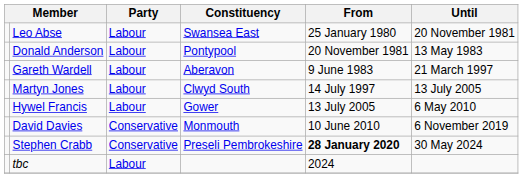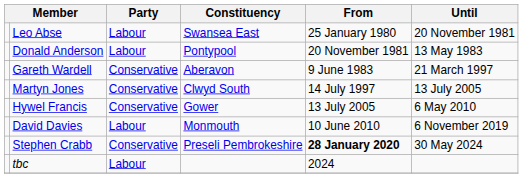 <table class="wikitable">
 <tr>
 <th colspan="2" valign="top">Member</th>
 <th>Party</th>
 <th>Constituency</th>
 <th valign="top">From</th>
 <th valign="top">Until</th>
 </tr>
 <tr>
 <td style="color:inherit;background:"></td>
 <td><a href='#'>Leo Abse</a></td>
 <td><a href='#'>Labour</a></td>
 <td><a href='#'>Swansea East</a></td>
 <td>25 January 1980</td>
 <td>20 November 1981</td>
 </tr>
 <tr>
 <td style="color:inherit;background:"></td>
 <td><a href='#'>Donald Anderson</a></td>
 <td><a href='#'>Labour</a></td>
 <td><a href='#'>Pontypool</a></td>
 <td>20 November 1981</td>
 <td>13 May 1983</td>
 </tr>
 <tr>
 <td style="color:inherit;background:"></td>
 <td><a href='#'>Gareth Wardell</a></td>
-<td><a href='#'>Labour</a></td>
+<td><a href='#'>Conservative</a></td>
 <td><a href='#'>Aberavon</a></td>
 <td>9 June 1983</td>
 <td>21 March 1997</td>
 </tr>
 <tr>
 <td style="color:inherit;background:"></td>
 <td><a href='#'>Martyn Jones</a></td>
-<td><a href='#'>Labour</a></td>
+<td><a href='#'>Conservative</a></td>
 <td><a href='#'>Clwyd South</a></td>
 <td>14 July 1997</td>
 <td>13 July 2005</td>
 </tr>
 <tr>
 <td style="color:inherit;background:"></td>
 <td><a href='#'>Hywel Francis</a></td>
-<td><a href='#'>Labour</a></td>
+<td><a href='#'>Conservative</a></td>
 <td><a href='#'>Gower</a></td>
 <td>13 July 2005</td>
 <td>6 May 2010</td>
 </tr>
 <tr>
 <td style="color:inherit;background:"></td>
 <td><a href='#'>David Davies</a></td>
-<td><a href='#'>Conservative</a></td>
+<td><a href='#'>Labour</a></td>
 <td><a href='#'>Monmouth</a></td>
 <td>10 June 2010</td>
 <td>6 November 2019</td>
 </tr>
 <tr>
 <td style="color:inherit;background:"></td>
 <td><a href='#'>Stephen Crabb</a></td>
 <td><a href='#'>Conservative</a></td>
 <td><a href='#'>Preseli Pembrokeshire</a></td>
 <td><strong>28 January 2020</strong></td>
 <td>30 May 2024</td>
 </tr>
 <tr>
 <td style="color:inherit;background:"></td>
 <td><em>tbc</em></td>
 <td><a href='#'>Labour</a></td>
 <td></td>
 <td>2024</td>
 <td></td>
 </tr>
 <tr>
 </tr>
 </table>
